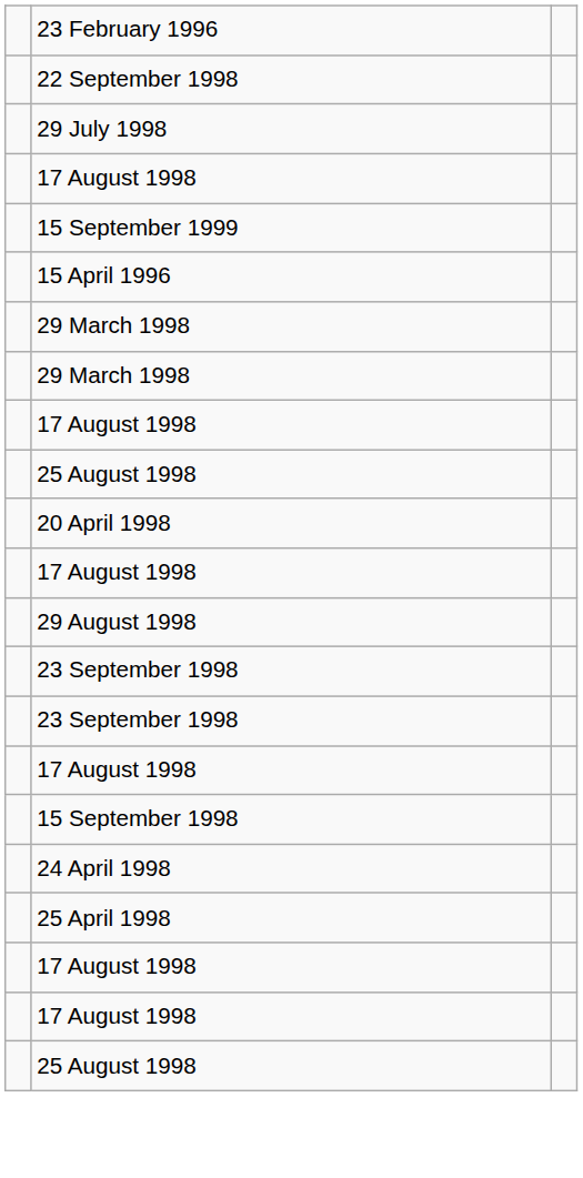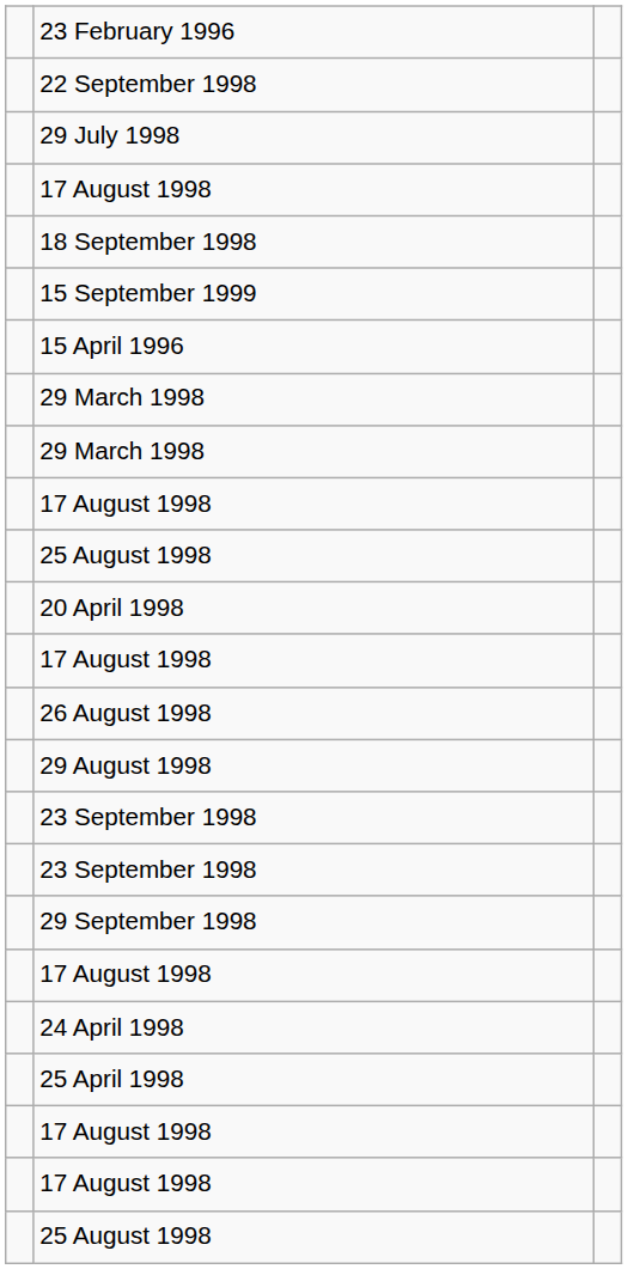 <table class="wikitable" style="font-size: 89%; float: left; width: 25em; margin-right: 1em; line-height: 1.65em !important; height: 675px;">
 <tr>
 <td></td>
 <td>23 February 1996</td>
 <td></td>
 </tr>
 <tr>
 <td></td>
 <td>22 September 1998</td>
 <td></td>
 </tr>
 <tr>
 <td></td>
 <td>29 July 1998</td>
 <td></td>
 </tr>
 <tr>
 <td></td>
 <td>17 August 1998</td>
+<td></td>
+</tr>
+<tr>
+<td></td>
+<td>18 September 1998</td>
 <td></td>
 </tr>
 <tr>
 <td></td>
 <td>15 September 1999</td>
 <td></td>
 </tr>
 <tr>
 <td></td>
 <td>15 April 1996</td>
 <td></td>
 </tr>
 <tr>
 <td></td>
 <td>29 March 1998</td>
 <td></td>
 </tr>
 <tr>
 <td></td>
 <td>29 March 1998</td>
 <td></td>
 </tr>
 <tr>
 <td></td>
 <td>17 August 1998</td>
 <td></td>
 </tr>
 <tr>
 <td></td>
 <td>25 August 1998</td>
 <td></td>
 </tr>
 <tr>
 <td></td>
 <td>20 April 1998</td>
 <td></td>
 </tr>
 <tr>
 <td></td>
 <td>17 August 1998</td>
 <td></td>
 </tr>
 <tr>
 <td></td>
+<td>26 August 1998</td>
+<td></td>
+</tr>
+<tr>
+<td></td>
 <td>29 August 1998</td>
 <td></td>
 </tr>
 <tr>
 <td></td>
 <td>23 September 1998</td>
 <td></td>
 </tr>
 <tr>
 <td></td>
 <td>23 September 1998</td>
 <td></td>
 </tr>
 <tr>
 <td></td>
-<td>17 August 1998</td>
+<td>29 September 1998</td>
 <td></td>
 </tr>
 <tr>
 <td></td>
-<td>15 September 1998</td>
+<td>17 August 1998</td>
 <td></td>
 </tr>
 <tr>
 <td></td>
 <td>24 April 1998</td>
 <td></td>
 </tr>
 <tr>
 <td></td>
 <td>25 April 1998</td>
 <td></td>
 </tr>
 <tr>
 <td></td>
 <td>17 August 1998</td>
 <td></td>
 </tr>
 <tr>
 <td></td>
 <td>17 August 1998</td>
 <td></td>
 </tr>
 <tr>
 <td></td>
 <td>25 August 1998</td>
 <td></td>
 </tr>
 </table>
